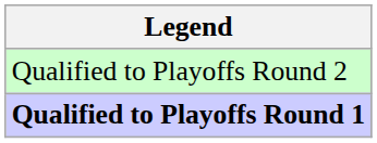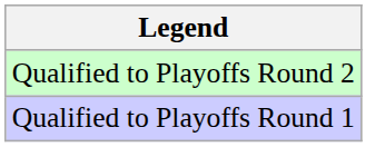 <table class="wikitable">
 <tr>
 <th>Legend</th>
 </tr>
 <tr style="background:#cfc;">
 <td>Qualified to Playoffs Round 2</td>
 </tr>
 <tr style="background:#ccf;">
-<td><strong>Qualified to Playoffs Round 1</strong></td>
+<td>Qualified to Playoffs Round 1</td>
 </tr>
 </table>
